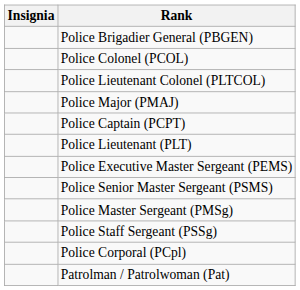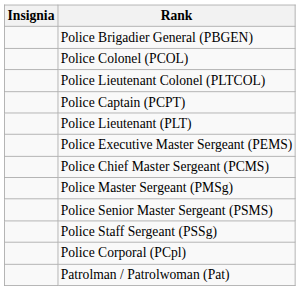 <table class="wikitable" style="display: inline-table;">
 <tr>
 <th width=30px>Insignia</th>
 <th>Rank</th>
 </tr>
 <tr>
 <td></td>
 <td>Police Brigadier General (PBGEN)</td>
 </tr>
 <tr>
 <td></td>
 <td>Police Colonel (PCOL)</td>
 </tr>
 <tr>
 <td></td>
 <td>Police Lieutenant Colonel (PLTCOL)</td>
 </tr>
 <tr>
 <td></td>
-<td>Police Major (PMAJ)</td>
-</tr>
-<tr>
-<td></td>
 <td>Police Captain (PCPT)</td>
 </tr>
 <tr>
 <td></td>
 <td>Police Lieutenant (PLT)</td>
 </tr>
 <tr>
 <td></td>
 <td>Police Executive Master Sergeant (PEMS)</td>
 </tr>
 <tr>
 <td></td>
-<td>Police Senior Master Sergeant (PSMS)</td>
+<td>Police Chief Master Sergeant (PCMS)</td>
 </tr>
 <tr>
 <td></td>
 <td>Police Master Sergeant (PMSg)</td>
+</tr>
+<tr>
+<td></td>
+<td>Police Senior Master Sergeant (PSMS)</td>
 </tr>
 <tr>
 <td></td>
 <td>Police Staff Sergeant (PSSg)</td>
 </tr>
 <tr>
 <td></td>
 <td>Police Corporal (PCpl)</td>
 </tr>
 <tr>
 <td></td>
 <td>Patrolman / Patrolwoman (Pat)</td>
 </tr>
 </table>
